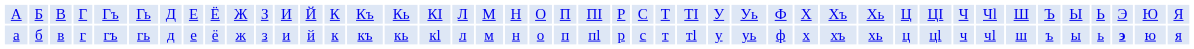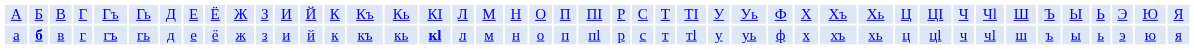 <table border=0  width=100%>
 <tr bgcolor="#DEE7F5" valign=top align="center">
 <td><a href='#'>А</a></td>
 <td><a href='#'>Б</a></td>
 <td><a href='#'>В</a></td>
 <td><a href='#'>Г</a></td>
 <td><a href='#'>Гъ</a></td>
 <td><a href='#'>Гь</a></td>
 <td><a href='#'>Д</a></td>
 <td><a href='#'>Е</a></td>
 <td><a href='#'>Ё</a></td>
 <td><a href='#'>Ж</a></td>
 <td><a href='#'>З</a></td>
 <td><a href='#'>И</a></td>
 <td><a href='#'>Й</a></td>
 <td><a href='#'>К</a></td>
 <td><a href='#'>Къ</a></td>
 <td><a href='#'>Кь</a></td>
 <td><a href='#'>КI</a></td>
 <td><a href='#'>Л</a></td>
 <td><a href='#'>М</a></td>
 <td><a href='#'>Н</a></td>
 <td><a href='#'>О</a></td>
 <td><a href='#'>П</a></td>
 <td><a href='#'>ПI</a></td>
 <td><a href='#'>Р</a></td>
 <td><a href='#'>С</a></td>
 <td><a href='#'>Т</a></td>
 <td><a href='#'>ТI</a></td>
 <td><a href='#'>У</a></td>
 <td><a href='#'>Уь</a></td>
 <td><a href='#'>Ф</a></td>
 <td><a href='#'>Х</a></td>
 <td><a href='#'>Хъ</a></td>
 <td><a href='#'>Хь</a></td>
 <td><a href='#'>Ц</a></td>
 <td><a href='#'>ЦI</a></td>
 <td><a href='#'>Ч</a></td>
 <td><a href='#'>Чӏ</a></td>
 <td><a href='#'>Ш</a></td>
 <td><a href='#'>Ъ</a></td>
 <td><a href='#'>Ы</a></td>
 <td><a href='#'>Ь</a></td>
 <td><a href='#'>Э</a></td>
 <td><a href='#'>Ю</a></td>
 <td><a href='#'>Я</a></td>
 </tr>
 <tr bgcolor="#DEE7F5" valign=top align="center">
 <td><a href='#'>а</a></td>
-<td><a href='#'>б</a></td>
+<td><strong><a href='#'>б</a></strong></td>
 <td><a href='#'>в</a></td>
 <td><a href='#'>г</a></td>
 <td><a href='#'>гъ</a></td>
 <td><a href='#'>гь</a></td>
 <td><a href='#'>д</a></td>
 <td><a href='#'>е</a></td>
 <td><a href='#'>ё</a></td>
 <td><a href='#'>ж</a></td>
 <td><a href='#'>з</a></td>
 <td><a href='#'>и</a></td>
 <td><a href='#'>й</a></td>
 <td><a href='#'>к</a></td>
 <td><a href='#'>къ</a></td>
 <td><a href='#'>кь</a></td>
-<td><a href='#'>кl</a></td>
+<td><strong><a href='#'>кl</a></strong></td>
 <td><a href='#'>л</a></td>
 <td><a href='#'>м</a></td>
 <td><a href='#'>н</a></td>
 <td><a href='#'>о</a></td>
 <td><a href='#'>п</a></td>
 <td><a href='#'>пl</a></td>
 <td><a href='#'>р</a></td>
 <td><a href='#'>с</a></td>
 <td><a href='#'>т</a></td>
 <td><a href='#'>тl</a></td>
 <td><a href='#'>у</a></td>
 <td><a href='#'>уь</a></td>
 <td><a href='#'>ф</a></td>
 <td><a href='#'>х</a></td>
 <td><a href='#'>хъ</a></td>
 <td><a href='#'>хь</a></td>
 <td><a href='#'>ц</a></td>
 <td><a href='#'>цl</a></td>
 <td><a href='#'>ч</a></td>
 <td><a href='#'>чl</a></td>
 <td><a href='#'>ш</a></td>
 <td><a href='#'>ъ</a></td>
 <td><a href='#'>ы</a></td>
 <td><a href='#'>ь</a></td>
-<td><strong><a href='#'>э</a></strong></td>
+<td><a href='#'>э</a></td>
 <td><a href='#'>ю</a></td>
 <td><a href='#'>я</a></td>
 </tr>
 </table>
